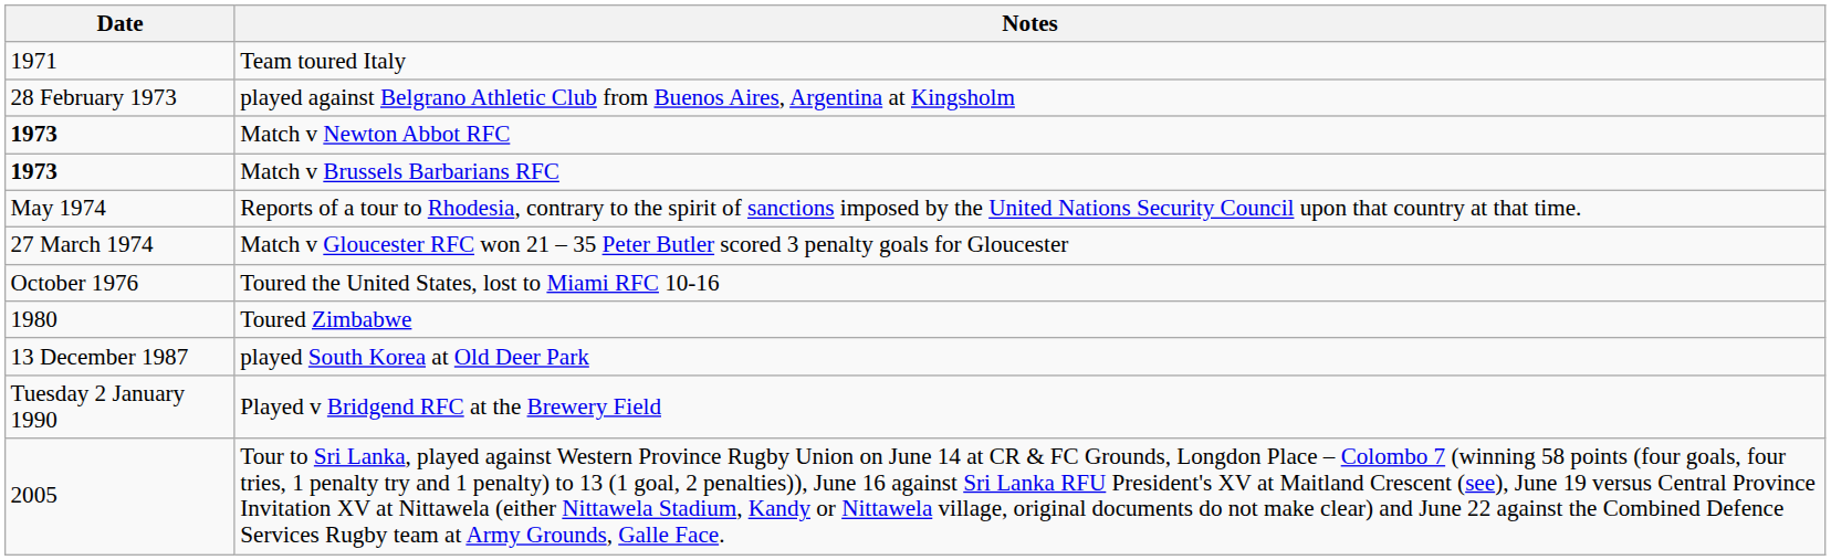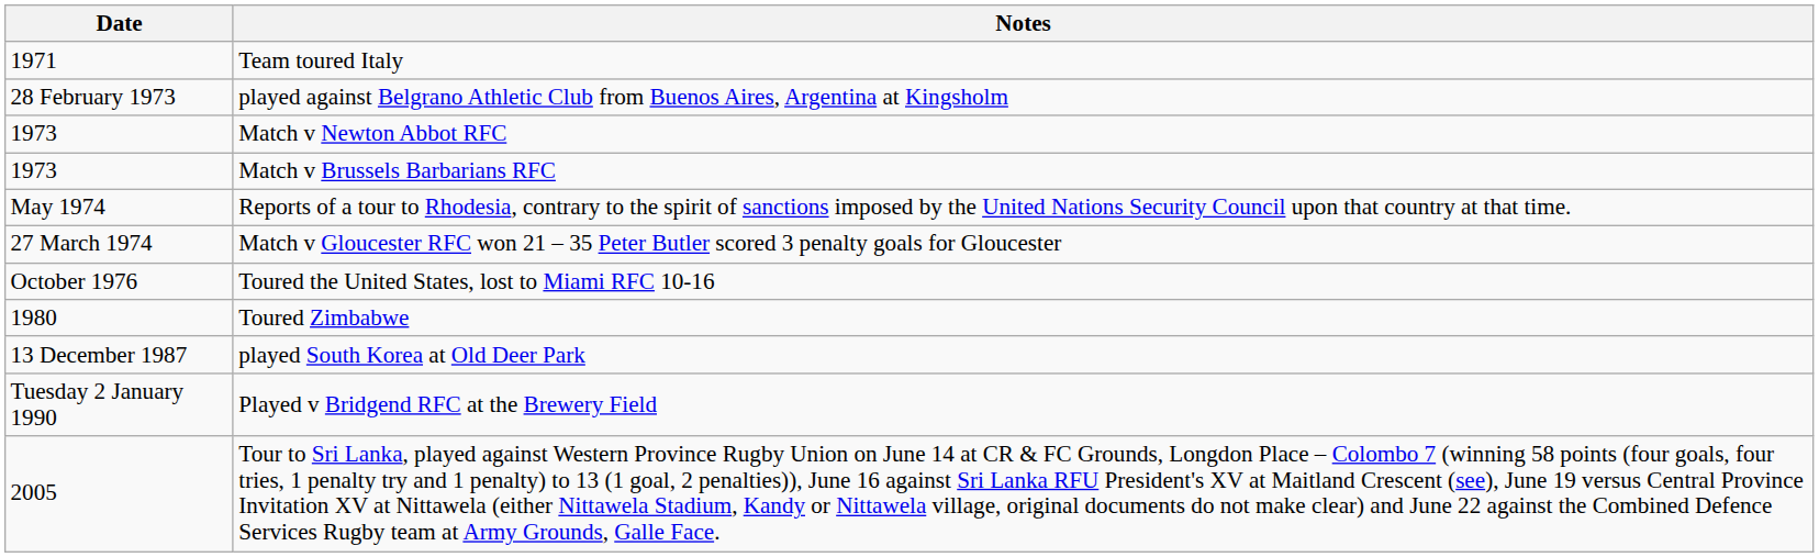 <table class="wikitable">
 <tr>
 <th>Date</th>
 <th>Notes</th>
 </tr>
 <tr>
 <td style="width: 150px;">1971</td>
 <td>Team toured Italy</td>
 </tr>
 <tr>
 <td>28 February 1973</td>
 <td>played against <a href='#'>Belgrano Athletic Club</a> from <a href='#'>Buenos Aires</a>, <a href='#'>Argentina</a> at <a href='#'>Kingsholm</a></td>
 </tr>
 <tr>
-<td><strong>1973</strong></td>
+<td>1973</td>
 <td>Match v <a href='#'>Newton Abbot RFC</a></td>
 </tr>
 <tr>
-<td><strong>1973</strong></td>
+<td>1973</td>
 <td>Match v <a href='#'>Brussels Barbarians RFC</a></td>
 </tr>
 <tr>
 <td>May 1974</td>
 <td>Reports of a tour to <a href='#'>Rhodesia</a>, contrary to the spirit of <a href='#'>sanctions</a> imposed by the <a href='#'>United Nations Security Council</a> upon that country at that time.</td>
 </tr>
 <tr>
 <td>27 March 1974</td>
 <td>Match v <a href='#'>Gloucester RFC</a> won 21 – 35 <a href='#'>Peter Butler</a> scored 3 penalty goals for Gloucester</td>
 </tr>
 <tr>
 <td>October 1976</td>
 <td>Toured the United States, lost to <a href='#'>Miami RFC</a> 10-16</td>
 </tr>
 <tr>
 <td>1980</td>
 <td>Toured <a href='#'>Zimbabwe</a></td>
 </tr>
 <tr>
 <td>13 December 1987</td>
 <td>played <a href='#'>South Korea</a> at <a href='#'>Old Deer Park</a></td>
 </tr>
 <tr>
 <td>Tuesday 2 January 1990</td>
 <td>Played v <a href='#'>Bridgend RFC</a> at the <a href='#'>Brewery Field</a></td>
 </tr>
 <tr>
 <td>2005</td>
 <td>Tour to <a href='#'>Sri Lanka</a>, played against Western Province Rugby Union on June 14 at CR & FC Grounds, Longdon Place – <a href='#'>Colombo 7</a> (winning 58 points (four goals, four tries, 1 penalty try and 1 penalty) to 13 (1 goal, 2 penalties)), June 16 against <a href='#'>Sri Lanka RFU</a> President's XV at Maitland Crescent (<a href='#'>see</a>), June 19 versus Central Province Invitation XV at Nittawela (either <a href='#'>Nittawela Stadium</a>, <a href='#'>Kandy</a> or <a href='#'>Nittawela</a> village, original documents do not make clear) and June 22 against the Combined Defence Services Rugby team at <a href='#'>Army Grounds</a>, <a href='#'>Galle Face</a>.</td>
 </tr>
 </table>
